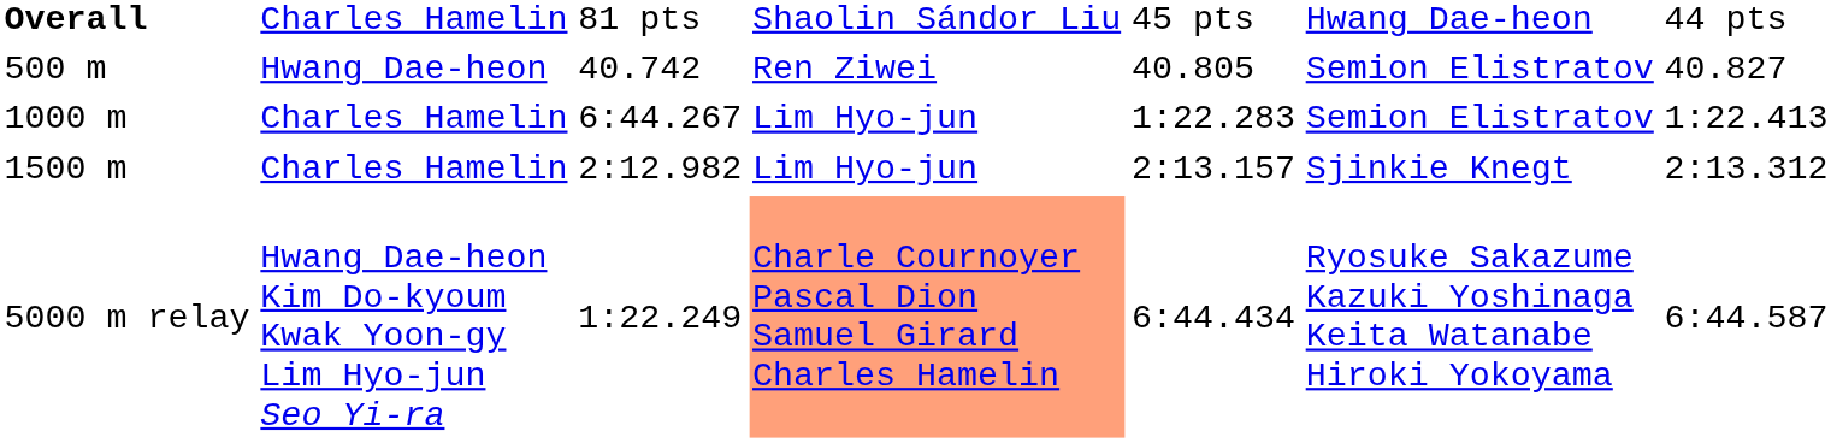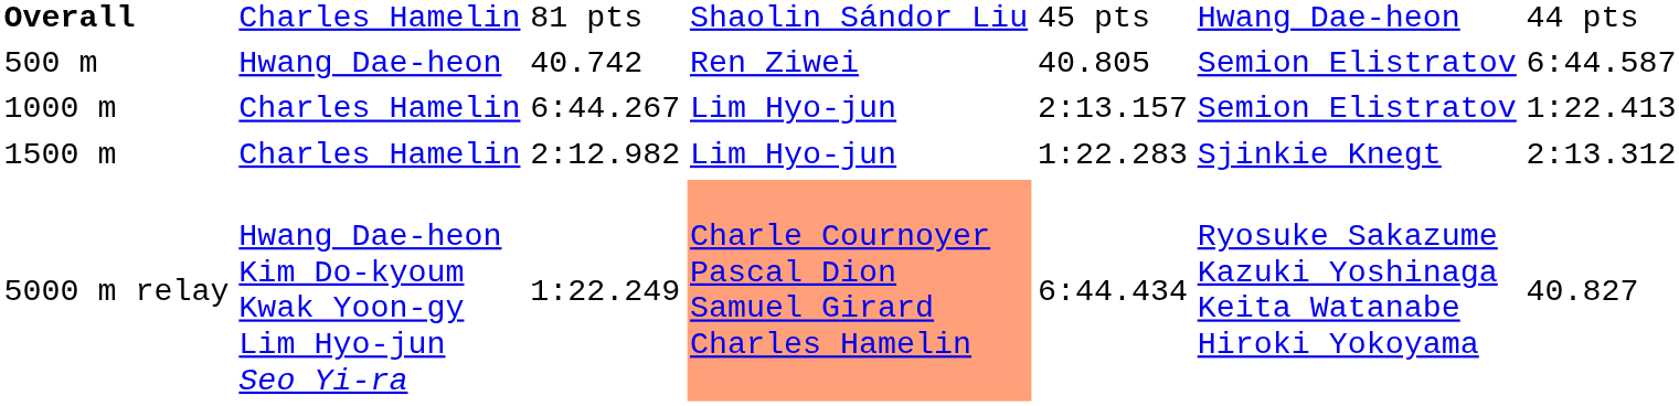 <table>
 <tr>
 <td><strong>Overall</strong></td>
 <td><a href='#'>Charles Hamelin</a><br></td>
 <td>81 pts</td>
 <td><a href='#'>Shaolin Sándor Liu</a><br></td>
 <td>45 pts</td>
 <td><a href='#'>Hwang Dae-heon</a><br></td>
 <td>44 pts</td>
 </tr>
 <tr>
 <td>500 m</td>
 <td><a href='#'>Hwang Dae-heon</a><br></td>
 <td>40.742</td>
 <td><a href='#'>Ren Ziwei</a><br></td>
 <td>40.805</td>
 <td><a href='#'>Semion Elistratov</a><br></td>
-<td>40.827</td>
+<td>6:44.587</td>
 </tr>
 <tr>
 <td>1000 m</td>
 <td><a href='#'>Charles Hamelin</a><br></td>
 <td>6:44.267</td>
 <td><a href='#'>Lim Hyo-jun</a><br></td>
-<td>1:22.283</td>
+<td>2:13.157</td>
 <td><a href='#'>Semion Elistratov</a><br></td>
 <td>1:22.413</td>
 </tr>
 <tr>
 <td>1500 m</td>
 <td><a href='#'>Charles Hamelin</a><br></td>
 <td>2:12.982</td>
 <td><a href='#'>Lim Hyo-jun</a><br></td>
-<td>2:13.157</td>
+<td>1:22.283</td>
 <td><a href='#'>Sjinkie Knegt</a><br></td>
 <td>2:13.312</td>
 </tr>
 <tr>
 <td>5000 m relay</td>
 <td><br><a href='#'>Hwang Dae-heon</a><br><a href='#'>Kim Do-kyoum</a><br><a href='#'>Kwak Yoon-gy</a><br><a href='#'>Lim Hyo-jun</a><br><em><a href='#'>Seo Yi-ra</a></em></td>
 <td>1:22.249</td>
 <td valign=top style="background: lightsalmon;"><br><a href='#'>Charle Cournoyer</a><br><a href='#'>Pascal Dion</a><br><a href='#'>Samuel Girard</a><br><a href='#'>Charles Hamelin</a></td>
 <td>6:44.434</td>
 <td valign=top><br><a href='#'>Ryosuke Sakazume</a><br><a href='#'>Kazuki Yoshinaga</a><br><a href='#'>Keita Watanabe</a><br><a href='#'>Hiroki Yokoyama</a></td>
-<td>6:44.587</td>
+<td>40.827</td>
 </tr>
 </table>
